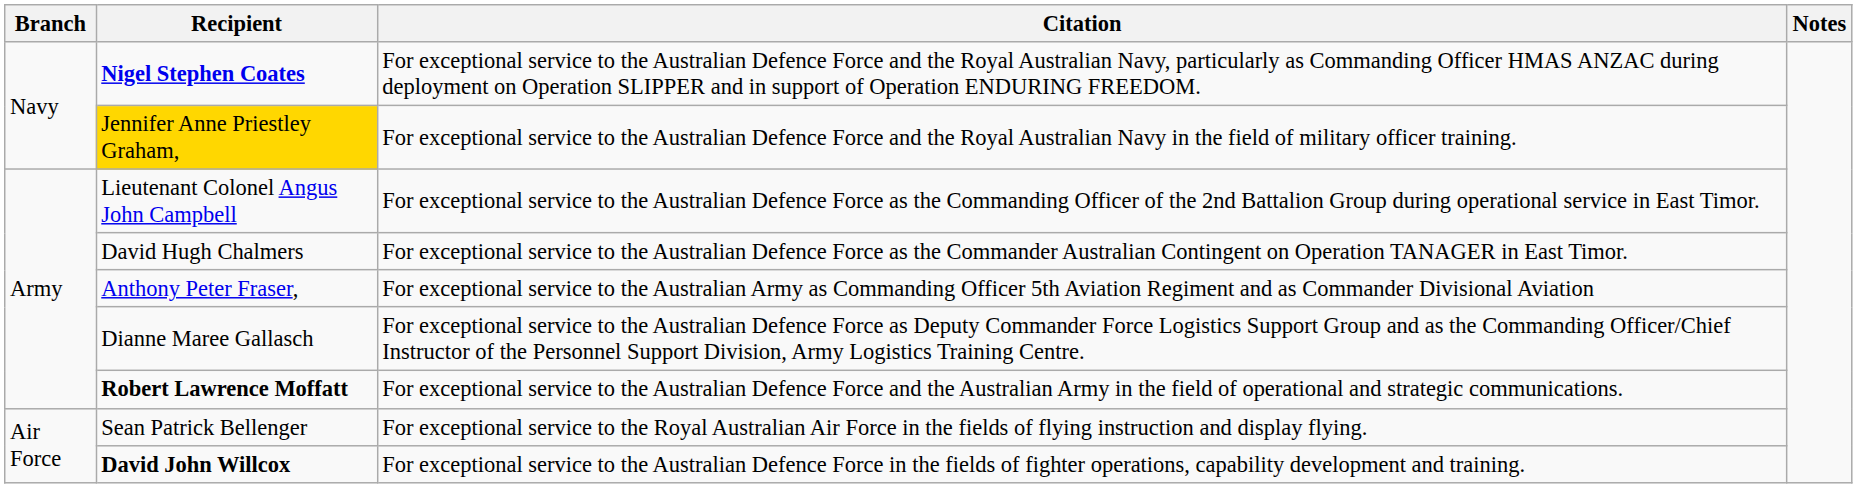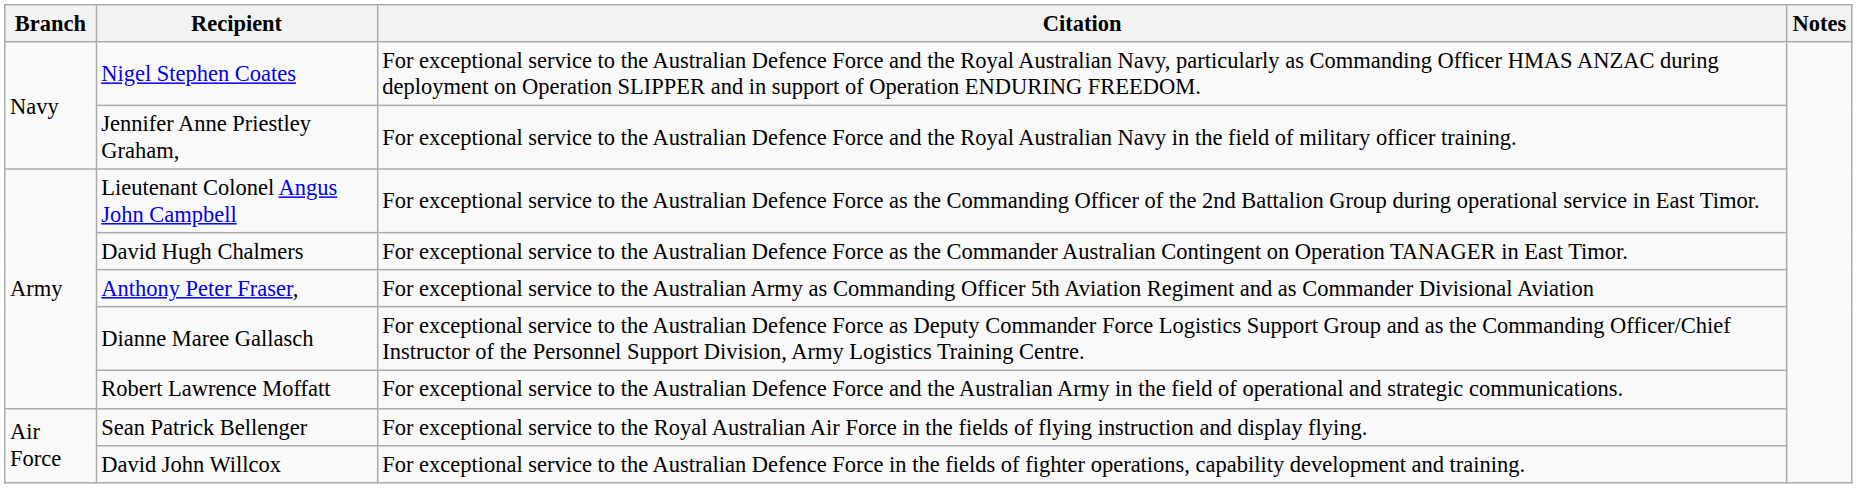 <table class="wikitable" style="font-size:95%;">
 <tr>
 <th>Branch</th>
 <th>Recipient</th>
 <th>Citation</th>
 <th>Notes</th>
 </tr>
 <tr>
 <td rowspan=2>Navy</td>
-<td><strong> <a href='#'>Nigel Stephen Coates</a></strong></td>
+<td> <a href='#'>Nigel Stephen Coates</a></td>
 <td>For exceptional service to the Australian Defence Force and the Royal Australian Navy, particularly as Commanding Officer HMAS ANZAC during deployment on Operation SLIPPER and in support of Operation ENDURING FREEDOM.</td>
 <td rowspan=9></td>
 </tr>
 <tr>
-<td style="background: gold;"> Jennifer Anne Priestley Graham, </td>
+<td> Jennifer Anne Priestley Graham, </td>
 <td>For exceptional service to the Australian Defence Force and the Royal Australian Navy in the field of military officer training.</td>
 </tr>
 <tr>
 <td rowspan=5>Army</td>
 <td>Lieutenant Colonel <a href='#'>Angus John Campbell</a></td>
 <td>For exceptional service to the Australian Defence Force as the Commanding Officer of the 2nd Battalion Group during operational service in East Timor.</td>
 </tr>
 <tr>
 <td> David Hugh Chalmers</td>
 <td>For exceptional service to the Australian Defence Force as the Commander Australian Contingent on Operation TANAGER in East Timor.</td>
 </tr>
 <tr>
 <td> <a href='#'>Anthony Peter Fraser</a>, </td>
 <td>For exceptional service to the Australian Army as Commanding Officer 5th Aviation Regiment and as Commander Divisional Aviation</td>
 </tr>
 <tr>
 <td> Dianne Maree Gallasch</td>
 <td>For exceptional service to the Australian Defence Force as Deputy Commander Force Logistics Support Group and as the Commanding Officer/Chief Instructor of the Personnel Support Division, Army Logistics Training Centre.</td>
 </tr>
 <tr>
-<td><strong> Robert Lawrence Moffatt</strong></td>
+<td> Robert Lawrence Moffatt</td>
 <td>For exceptional service to the Australian Defence Force and the Australian Army in the field of operational and strategic communications.</td>
 </tr>
 <tr>
 <td rowspan=2>Air Force</td>
 <td> Sean Patrick Bellenger</td>
 <td>For exceptional service to the Royal Australian Air Force in the fields of flying instruction and display flying.</td>
 </tr>
 <tr>
-<td><strong> David John Willcox</strong></td>
+<td> David John Willcox</td>
 <td>For exceptional service to the Australian Defence Force in the fields of fighter operations, capability development and training.</td>
 </tr>
 </table>
